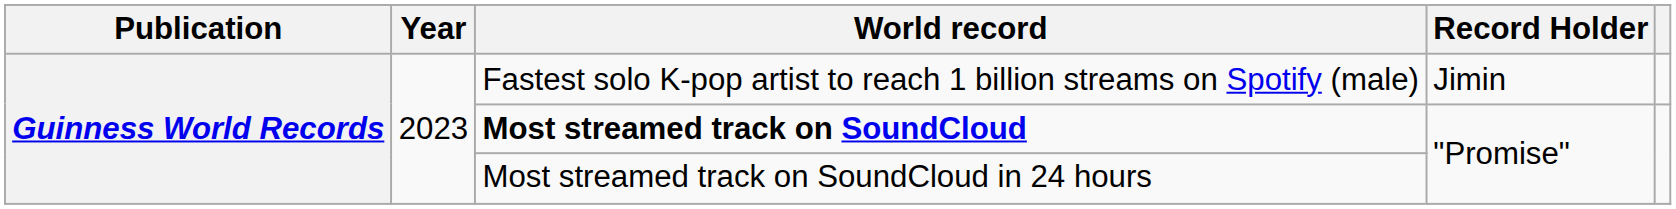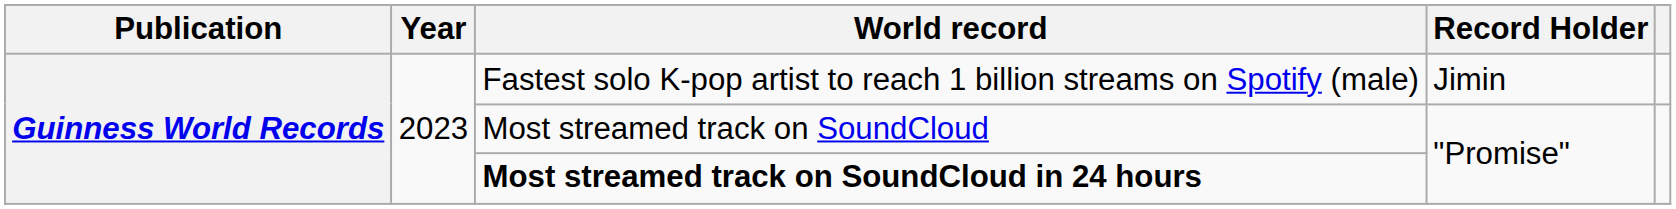 <table class="wikitable sortable plainrowheaders">
 <tr>
 <th scope="col">Publication</th>
 <th scope="col">Year</th>
 <th scope="col">World record</th>
 <th scope="col">Record Holder</th>
 <th scope="col" class="unsortable"></th>
 </tr>
 <tr>
 <th scope="row" rowspan="3"><em><a href='#'>Guinness World Records</a></em></th>
 <td rowspan="3">2023</td>
 <td>Fastest solo K-pop artist to reach 1 billion streams on <a href='#'>Spotify</a> (male)</td>
 <td>Jimin</td>
 <td style="text-align:center;"></td>
 </tr>
 <tr>
-<td><strong>Most streamed track on <a href='#'>SoundCloud</a></strong></td>
+<td>Most streamed track on <a href='#'>SoundCloud</a></td>
 <td rowspan="2">"Promise"</td>
 <td rowspan="2" style="text-align:center;"></td>
 </tr>
 <tr>
-<td>Most streamed track on SoundCloud in 24 hours</td>
+<td><strong>Most streamed track on SoundCloud in 24 hours</strong></td>
 </tr>
 </table>
